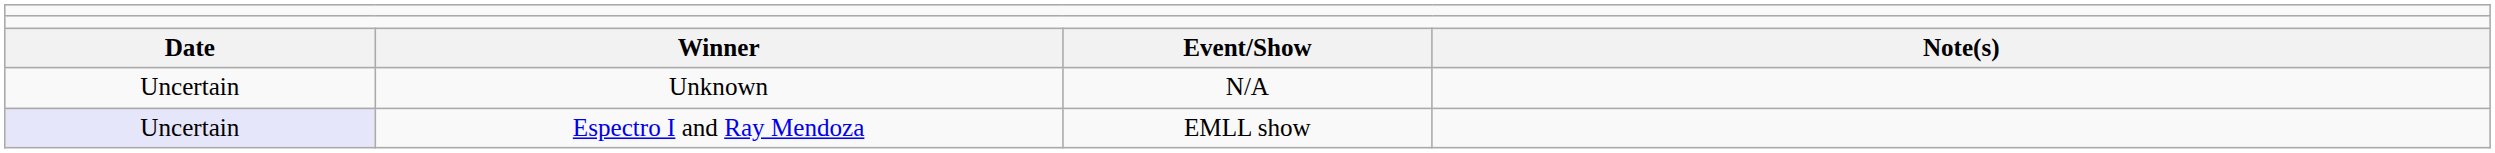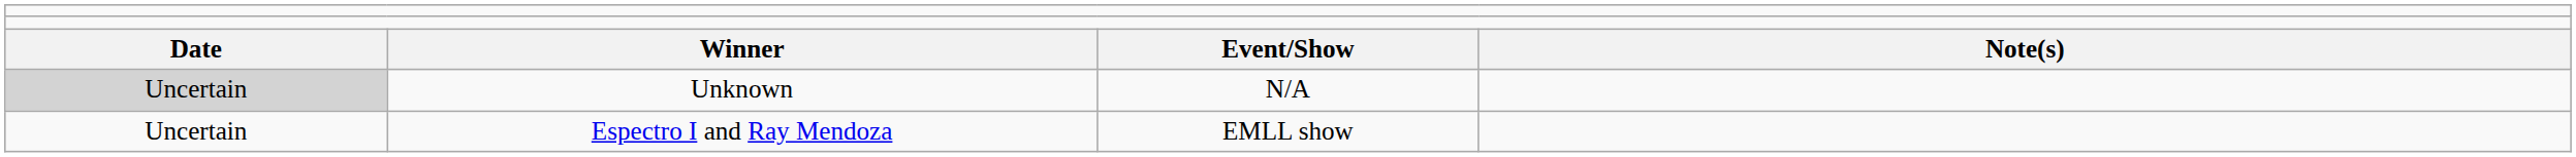 <table class="wikitable" style="text-align:center; width:100%;">
 <tr>
 <td colspan=5></td>
 </tr>
 <tr>
 <td colspan=5><strong></strong></td>
 </tr>
 <tr>
 <th width=14%>Date</th>
 <th width=26%>Winner</th>
 <th width=14%>Event/Show</th>
 <th width=40%>Note(s)</th>
 </tr>
 <tr>
-<td>Uncertain</td>
+<td style="background: lightgrey;">Uncertain</td>
 <td>Unknown</td>
 <td>N/A</td>
 <td align=left></td>
 </tr>
 <tr>
-<td style="background: lavender;">Uncertain</td>
+<td>Uncertain</td>
 <td><a href='#'>Espectro I</a> and <a href='#'>Ray Mendoza</a></td>
 <td>EMLL show</td>
 <td align=left></td>
 </tr>
 </table>
